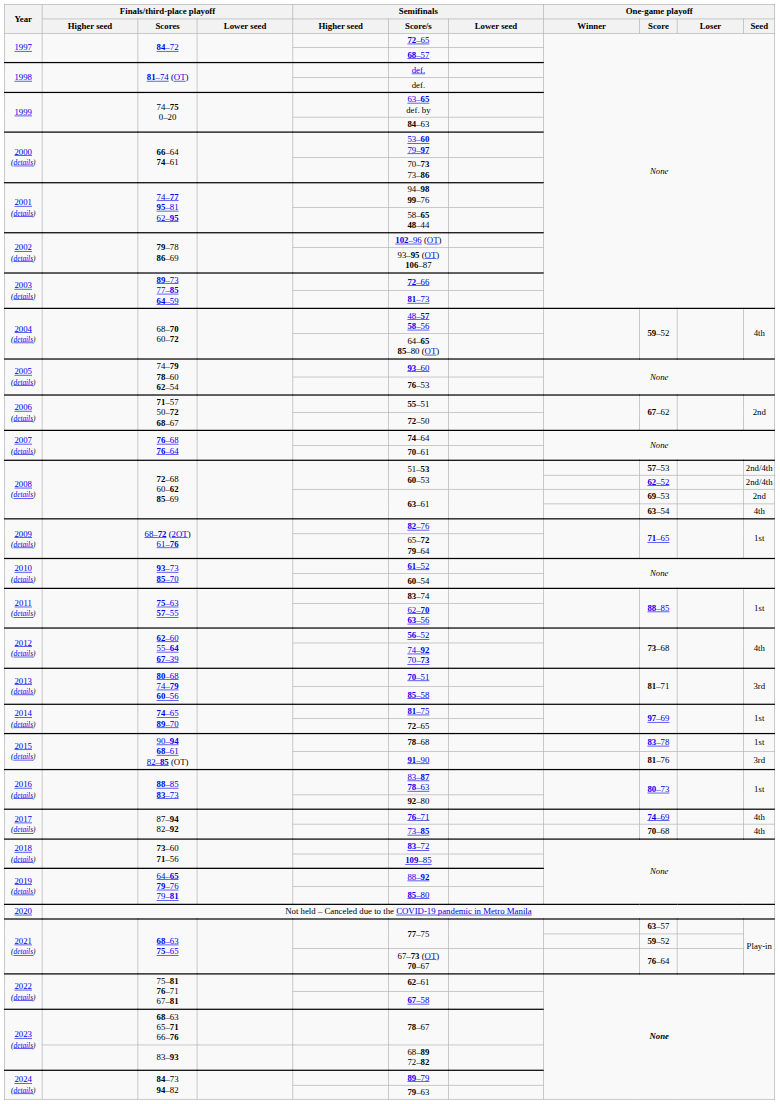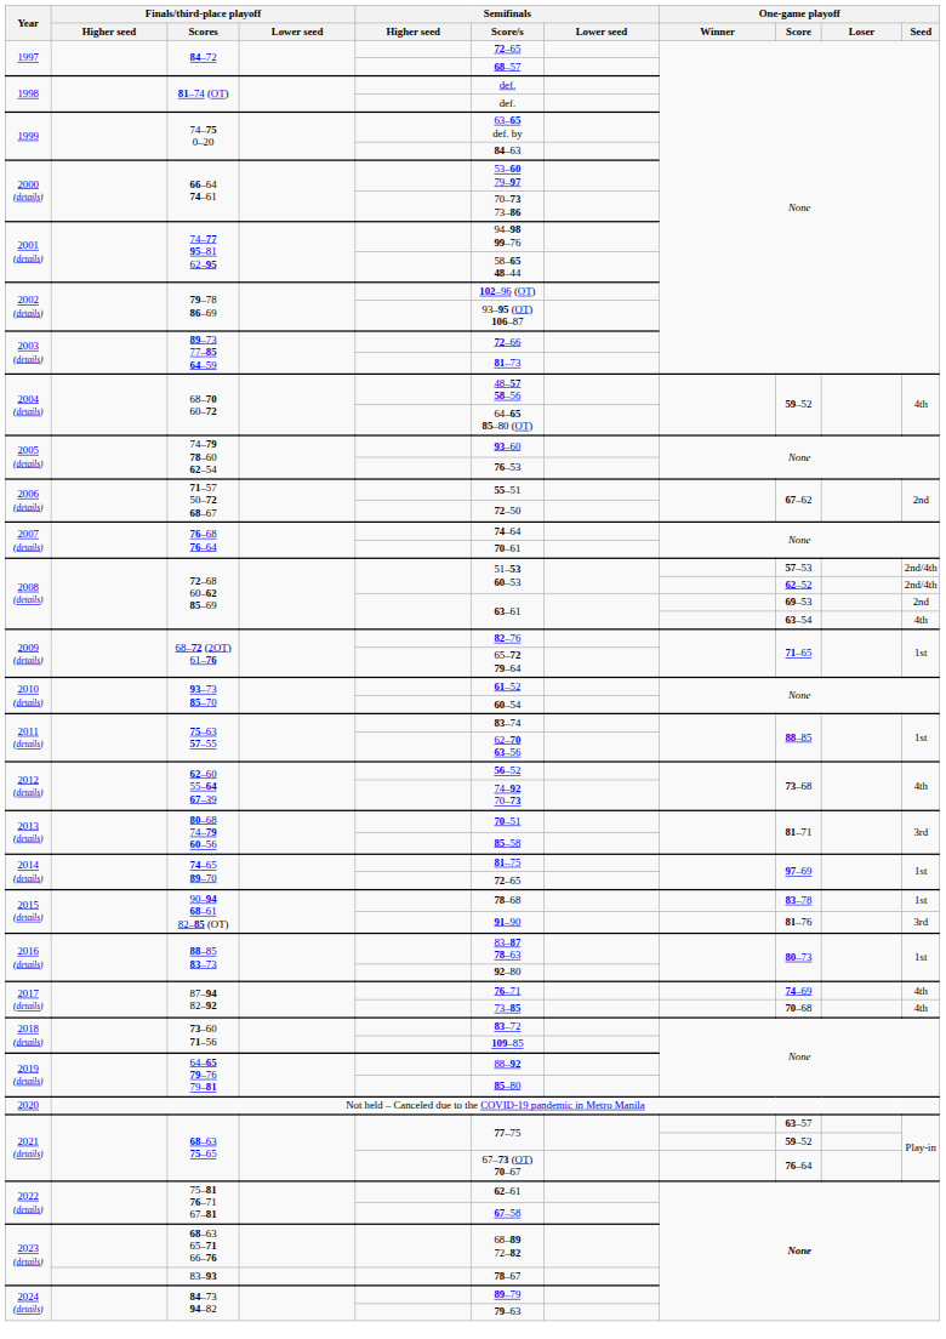 <table class=wikitable style="text-align:center; font-size:90%;" width=100%>
 <tr>
 <th width=5% rowspan=2>Year</th>
 <th colspan="3">Finals/third-place playoff</th>
 <th colspan="3">Semifinals</th>
 <th colspan="4">One-game playoff</th>
 </tr>
 <tr>
 <th width=13%>Higher seed</th>
 <th width=8%>Scores</th>
 <th width=13%>Lower seed</th>
 <th width=13%>Higher seed</th>
 <th width=8%>Score/s</th>
 <th width=13%>Lower seed</th>
 <th width=13%>Winner</th>
 <th width=5%>Score</th>
 <th width=13%>Loser</th>
 <th width=2%>Seed</th>
 </tr>
 <tr>
 <td rowspan="2"><a href='#'>1997</a></td>
 <td rowspan="2" align="right"><strong></strong></td>
 <td rowspan="2"><a href='#'><strong>84</strong>–72</a></td>
 <td rowspan="2" align="left"></td>
 <td align="right"><strong></strong></td>
 <td><a href='#'><strong>72</strong>–65</a></td>
 <td align="left"></td>
 <td colspan="4" rowspan="14"><em>None</em></td>
 </tr>
 <tr>
 <td align="right"><strong></strong></td>
 <td><a href='#'><strong>68</strong>–57</a></td>
 <td align="left"></td>
 </tr>
 <tr style = "border-top:2px solid black;">
 <td rowspan="2"><a href='#'>1998</a></td>
 <td rowspan="2" align="right"><strong></strong></td>
 <td rowspan="2"><a href='#'><strong>81</strong>–74</a> (<a href='#'>OT</a>)</td>
 <td rowspan="2" align="left"></td>
 <td align="right"><strong></strong></td>
 <td><a href='#'>def.</a></td>
 <td align="left"></td>
 </tr>
 <tr>
 <td align=right><strong></strong></td>
 <td>def.</td>
 <td align=left></td>
 </tr>
 <tr style = "border-top:2px solid black;">
 <td rowspan=2><a href='#'>1999</a></td>
 <td rowspan=2 align=right></td>
 <td rowspan=2>74–<strong>75</strong><br>0–20</td>
 <td align=left rowspan=2><strong></strong></td>
 <td align=right></td>
 <td><a href='#'>63–<strong>65</strong></a><br>def. by</td>
 <td align=left><strong></strong></td>
 </tr>
 <tr>
 <td align=right><strong></strong></td>
 <td><strong>84</strong>–63</td>
 <td align=left></td>
 </tr>
 <tr style = "border-top:2px solid black;">
 <td rowspan=2><a href='#'>2000</a><br><small><em>(<a href='#'>details</a>)</em></small></td>
 <td rowspan=2 align=right><strong></strong></td>
 <td rowspan=2><strong>66</strong>–64<br><strong>74</strong>–61</td>
 <td align=left rowspan=2></td>
 <td align=right></td>
 <td><a href='#'>53–<strong>60</strong></a><br><a href='#'>79–<strong>97</strong></a></td>
 <td align=left><strong></strong></td>
 </tr>
 <tr>
 <td align=right></td>
 <td>70–<strong>73</strong><br>73–<strong>86</strong></td>
 <td align=left><strong></strong></td>
 </tr>
 <tr style = "border-top:2px solid black;">
 <td rowspan=2><a href='#'>2001</a><br><small><em>(<a href='#'>details</a>)</em></small></td>
 <td rowspan=2 align=right></td>
 <td rowspan=2><a href='#'>74–<strong>77</strong><br><strong>95</strong>–81<br>62–<strong>95 </strong></a></td>
 <td align=left rowspan=2><strong></strong></td>
 <td align=right><strong></strong></td>
 <td>94–<strong>98</strong><br><strong>99</strong>–76</td>
 <td align=left></td>
 </tr>
 <tr>
 <td align=right><strong></strong></td>
 <td>58–<strong>65</strong><br><strong>48</strong>–44</td>
 <td align=left></td>
 </tr>
 <tr style = "border-top:2px solid black;">
 <td rowspan=2><a href='#'>2002</a><br><small><em>(<a href='#'>details</a>)</em></small></td>
 <td rowspan=2 align=right><strong></strong></td>
 <td rowspan=2><strong>79</strong>–78<br><strong>86</strong>–69</td>
 <td align=left rowspan=2></td>
 <td align=right><strong></strong></td>
 <td><a href='#'><strong>102</strong>–96</a> (<a href='#'>OT</a>)</td>
 <td align=left></td>
 </tr>
 <tr>
 <td align=right><strong></strong></td>
 <td>93–<strong>95</strong> (<a href='#'>OT</a>)<br><strong>106</strong>–87</td>
 <td align=left></td>
 </tr>
 <tr style = "border-top:2px solid black;">
 <td rowspan=2><a href='#'>2003</a><br><small><em>(<a href='#'>details</a>)</em></small></td>
 <td rowspan=2 align=right><strong></strong></td>
 <td rowspan=2><a href='#'><strong>89</strong>–73<br>77–<strong>85</strong><br><strong>64</strong>–59</a></td>
 <td align=left rowspan=2></td>
 <td align=right><strong></strong></td>
 <td><a href='#'><strong>72</strong>–66</a></td>
 <td align=left></td>
 </tr>
 <tr>
 <td align=right><strong></strong></td>
 <td><a href='#'><strong>81</strong>–73</a></td>
 <td align=left></td>
 </tr>
 <tr style = "border-top:2px solid black;">
 <td rowspan=2><a href='#'>2004</a><br><small><em>(<a href='#'>details</a>)</em></small></td>
 <td rowspan=2 align=right></td>
 <td rowspan=2>68–<strong>70</strong><br>60–<strong>72</strong></td>
 <td align=left rowspan=2><strong></strong></td>
 <td align=right><strong></strong></td>
 <td><a href='#'>48–<strong>57</strong><br><strong>58</strong>–56</a></td>
 <td align=left></td>
 <td rowspan=2 align=right><strong></strong></td>
 <td rowspan=2><strong>59</strong>–52</td>
 <td rowspan=2 align=left></td>
 <td rowspan=2>4th</td>
 </tr>
 <tr>
 <td align=right><strong></strong></td>
 <td>64–<strong>65</strong><br><strong>85</strong>–80 (<a href='#'>OT</a>)</td>
 <td align=left></td>
 </tr>
 <tr style = "border-top:2px solid black;">
 <td rowspan=2><a href='#'>2005</a><br><small><em>(<a href='#'>details</a>)</em></small></td>
 <td rowspan=2 align=right><strong></strong></td>
 <td rowspan=2>74–<strong>79</strong><br><strong>78</strong>–60<br><strong>62</strong>–54</td>
 <td align=left rowspan=2></td>
 <td align=right><strong></strong></td>
 <td><a href='#'><strong>93</strong>–60</a></td>
 <td align=left></td>
 <td rowspan=2 colspan=4><em>None</em></td>
 </tr>
 <tr>
 <td align=right><strong></strong></td>
 <td><strong>76</strong>–53</td>
 <td align=left></td>
 </tr>
 <tr style = "border-top:2px solid black;">
 <td rowspan=2><a href='#'>2006</a><br><small><em>(<a href='#'>details</a>)</em></small></td>
 <td rowspan=2 align=right><strong></strong></td>
 <td rowspan=2><strong>71</strong>–57<br>50–<strong>72</strong><br><strong>68</strong>–67</td>
 <td align=left rowspan=2></td>
 <td align=right><strong></strong></td>
 <td><strong>55</strong>–51</td>
 <td align=left></td>
 <td rowspan=2 align=right><strong></strong></td>
 <td rowspan=2><strong>67</strong>–62</td>
 <td rowspan=2 align=left></td>
 <td rowspan=2>2nd</td>
 </tr>
 <tr>
 <td align=right><strong></strong></td>
 <td><strong>72</strong>–50</td>
 <td align=left></td>
 </tr>
 <tr style = "border-top:2px solid black;">
 <td rowspan=2><a href='#'>2007</a><br><small><em>(<a href='#'>details</a>)</em></small></td>
 <td rowspan=2 align=right><strong></strong></td>
 <td rowspan=2><a href='#'><strong>76</strong>–68<br><strong>76</strong>–64</a></td>
 <td align=left rowspan=2></td>
 <td align=right><strong></strong></td>
 <td><strong>74</strong>–64</td>
 <td align=left></td>
 <td rowspan=2 colspan=4><em>None</em></td>
 </tr>
 <tr>
 <td align=right><strong></strong></td>
 <td><strong>70</strong>–61</td>
 <td align=left></td>
 </tr>
 <tr style = "border-top:2px solid black;">
 <td rowspan=4><a href='#'>2008</a><br><small><em>(<a href='#'>details</a>)</em></small></td>
 <td rowspan=4 align=right><strong></strong></td>
 <td rowspan=4 align=center><strong>72</strong>–68<br>60–<strong>62</strong><br><strong>85</strong>–69</td>
 <td rowspan=4 align=left></td>
 <td rowspan=2 align=right><strong></strong></td>
 <td rowspan=2 align=center>51–<strong>53</strong><br><strong>60</strong>–53</td>
 <td rowspan=2 align=left></td>
 <td align=right><strong></strong></td>
 <td align=center><strong>57</strong>–53</td>
 <td align=left></td>
 <td>2nd/4th</td>
 </tr>
 <tr>
 <td align=right><strong></strong></td>
 <td align=center><a href='#'><strong>62</strong>–52</a></td>
 <td align=left></td>
 <td>2nd/4th</td>
 </tr>
 <tr>
 <td rowspan=2 align=right><strong></strong></td>
 <td rowspan=2 align=center><strong>63</strong>–61</td>
 <td rowspan=2 align=left></td>
 <td align=right><strong></strong></td>
 <td><strong>69</strong>–53</td>
 <td align=left></td>
 <td>2nd</td>
 </tr>
 <tr>
 <td align=right><strong></strong></td>
 <td><strong>63</strong>–54</td>
 <td align=left></td>
 <td>4th</td>
 </tr>
 <tr style = "border-top:2px solid black;">
 <td rowspan=2><a href='#'>2009</a><br><small><em>(<a href='#'>details</a>)</em></small></td>
 <td rowspan=2 align=right></td>
 <td rowspan=2><a href='#'>68–<strong>72</strong></a> (<a href='#'>2OT</a>)<br><a href='#'>61–<strong>76</strong></a></td>
 <td align=left rowspan=2><strong></strong></td>
 <td align=right><strong></strong></td>
 <td><a href='#'><strong>82</strong>–76</a></td>
 <td align=left></td>
 <td rowspan=2 align=right><strong></strong></td>
 <td rowspan=2><a href='#'><strong>71</strong>–65</a></td>
 <td rowspan=2 align=left></td>
 <td rowspan=2>1st</td>
 </tr>
 <tr>
 <td align=right><strong></strong></td>
 <td>65–<strong>72</strong><br><strong>79</strong>–64</td>
 <td align=left></td>
 </tr>
 <tr style = "border-top:2px solid black;">
 <td rowspan=2><a href='#'>2010</a><br><small><em>(<a href='#'>details</a>)</em></small></td>
 <td rowspan=2 align=right><strong></strong></td>
 <td rowspan=2><a href='#'><strong>93</strong>–73<br><strong>85</strong>–70</a></td>
 <td align=left rowspan=2></td>
 <td align=right><strong></strong></td>
 <td><a href='#'><strong>61</strong>–52</a></td>
 <td align=left></td>
 <td rowspan=2 colspan=4><em>None</em></td>
 </tr>
 <tr>
 <td align=right><strong></strong></td>
 <td><strong>60</strong>–54</td>
 <td align=left></td>
 </tr>
 <tr style = "border-top:2px solid black;">
 <td rowspan=2><a href='#'>2011</a><br><small><em>(<a href='#'>details</a>)</em></small></td>
 <td rowspan=2 align=right><strong></strong></td>
 <td rowspan=2><a href='#'><strong>75</strong>–63<br><strong>57</strong>–55</a></td>
 <td align=left rowspan=2></td>
 <td align=right><strong></strong></td>
 <td><strong>83</strong>–74</td>
 <td align=left></td>
 <td rowspan=2 align=right><strong></strong></td>
 <td rowspan=2><a href='#'><strong>88</strong>–85</a></td>
 <td rowspan=2 align=left></td>
 <td rowspan=2>1st</td>
 </tr>
 <tr>
 <td align=right><strong></strong></td>
 <td><a href='#'>62–<strong>70</strong><br><strong>63</strong>–56</a></td>
 <td align=left></td>
 </tr>
 <tr style = "border-top:2px solid black;">
 <td rowspan=2><a href='#'>2012</a><br><small><em>(<a href='#'>details</a>)</em></small></td>
 <td rowspan=2 align=right><strong></strong></td>
 <td rowspan=2><a href='#'><strong>62</strong>–60<br>55–<strong>64</strong><br><strong>67</strong>–39</a></td>
 <td align=left rowspan=2></td>
 <td align=right><strong></strong></td>
 <td><a href='#'><strong>56</strong>–52</a></td>
 <td align=left></td>
 <td rowspan=2 align=right><strong></strong></td>
 <td rowspan=2><strong>73</strong>–68</td>
 <td rowspan=2 align=left></td>
 <td rowspan=2>4th</td>
 </tr>
 <tr>
 <td align=right></td>
 <td><a href='#'>74–<strong>92</strong><br>70–<strong>73</strong></a></td>
 <td align=left><strong></strong></td>
 </tr>
 <tr style = "border-top:2px solid black;">
 <td rowspan=2><a href='#'>2013</a><br><small><em>(<a href='#'>details</a>)</em></small></td>
 <td rowspan=2 align=right><strong></strong></td>
 <td rowspan=2><a href='#'><strong>80</strong>–68<br>74–<strong>79</strong><br><strong>60</strong>–56</a></td>
 <td align=left rowspan=2></td>
 <td align=right><strong></strong></td>
 <td><a href='#'><strong>70</strong>–51</a></td>
 <td align=left></td>
 <td rowspan=2 align=right><strong></strong></td>
 <td rowspan=2><strong>81</strong>–71</td>
 <td rowspan=2 align=left></td>
 <td rowspan=2>3rd</td>
 </tr>
 <tr>
 <td align=right><strong></strong></td>
 <td><a href='#'><strong>85</strong>–58</a></td>
 <td align=left></td>
 </tr>
 <tr style = "border-top:2px solid black;">
 <td rowspan=2><a href='#'>2014</a><br><small><em>(<a href='#'>details</a>)</em></small></td>
 <td rowspan=2 align=right><strong></strong></td>
 <td rowspan=2><a href='#'><strong>74</strong>–65<br><strong>89</strong>–70</a></td>
 <td align=left rowspan=2></td>
 <td align=right><strong></strong></td>
 <td><a href='#'><strong>81</strong>–75</a></td>
 <td align=left></td>
 <td rowspan=2 align=right><strong></strong></td>
 <td rowspan=2><a href='#'><strong>97</strong>–69</a></td>
 <td rowspan=2 align=left></td>
 <td rowspan=2>1st</td>
 </tr>
 <tr>
 <td align=right><strong></strong></td>
 <td><strong>72</strong>–65</td>
 <td align=left></td>
 </tr>
 <tr style = "border-top:2px solid black;">
 <td rowspan=2><a href='#'>2015</a><br><small><em>(<a href='#'>details</a>)</em></small></td>
 <td rowspan=2 align=right></td>
 <td rowspan=2><a href='#'>90–<strong>94</strong><br><strong>68</strong>–61<br>82–<strong>85</strong></a> (OT)</td>
 <td align=left rowspan=2><strong></strong></td>
 <td align=right><strong></strong></td>
 <td><strong>78</strong>–68</td>
 <td align=left></td>
 <td align=right><strong></strong></td>
 <td><a href='#'><strong>83</strong>–78</a></td>
 <td align=left></td>
 <td>1st</td>
 </tr>
 <tr>
 <td align=right><strong></strong></td>
 <td><a href='#'><strong>91</strong>–90</a></td>
 <td align=left></td>
 <td align=right><strong></strong></td>
 <td><strong>81</strong>–76</td>
 <td align=left></td>
 <td>3rd</td>
 </tr>
 <tr style = "border-top:2px solid black;">
 <td rowspan=2><a href='#'>2016</a><br><small><em>(<a href='#'>details</a>)</em></small></td>
 <td rowspan=2 align=right><strong></strong></td>
 <td rowspan=2><a href='#'><strong>88</strong>–85<br><strong>83</strong>–73</a></td>
 <td align=left rowspan=2></td>
 <td align=right><strong></strong></td>
 <td><a href='#'>83–<strong>87</strong><br><strong>78</strong>–63</a></td>
 <td align=left></td>
 <td rowspan=2 align=right><strong></strong></td>
 <td rowspan=2><a href='#'><strong>80</strong>–73</a></td>
 <td rowspan=2 align=left></td>
 <td rowspan=2>1st</td>
 </tr>
 <tr>
 <td align=right><strong></strong></td>
 <td><strong>92</strong>–80</td>
 <td align=left></td>
 </tr>
 <tr style = "border-top:2px solid black;">
 <td rowspan=2><a href='#'>2017</a><br><small><em>(<a href='#'>details</a>)</em></small></td>
 <td rowspan=2 align=right></td>
 <td rowspan=2>87–<strong>94</strong><br>82–<strong>92</strong></td>
 <td align=left rowspan=2><strong></strong></td>
 <td align=right><strong></strong></td>
 <td><a href='#'><strong>76</strong>–71</a></td>
 <td align=left></td>
 <td align=right><strong></strong></td>
 <td><a href='#'><strong>74</strong>–69</a></td>
 <td align=left></td>
 <td>4th</td>
 </tr>
 <tr>
 <td align=right></td>
 <td><a href='#'>73–<strong>85</strong></a></td>
 <td align=left><strong></strong></td>
 <td align=right><strong></strong></td>
 <td><strong>70</strong>–68</td>
 <td align=left></td>
 <td>4th</td>
 </tr>
 <tr style = "border-top:2px solid black;">
 <td rowspan=2><a href='#'>2018</a><br><small><em>(<a href='#'>details</a>)</em></small></td>
 <td rowspan=2 align=right><strong></strong></td>
 <td rowspan=2><strong>73</strong>–60<br><strong>71</strong>–56</td>
 <td align=left rowspan=2></td>
 <td align=right><strong></strong></td>
 <td><a href='#'><strong>83</strong>–72</a></td>
 <td align=left></td>
 <td rowspan=5 colspan=4><em>None</em></td>
 </tr>
 <tr>
 <td align=right><strong></strong></td>
 <td><a href='#'><strong>109</strong>–85</a></td>
 <td align=left></td>
 </tr>
 <tr>
 </tr>
 <tr style = "border-top:2px solid black;">
 <td rowspan=2><a href='#'>2019</a><br><small><em>(<a href='#'>details</a>)</em></small></td>
 <td rowspan=2 align=right></td>
 <td rowspan=2><a href='#'>64–<strong>65</strong><br><strong>79</strong>–76<br>79–<strong>81</strong></a></td>
 <td align=left rowspan=2><strong></strong></td>
 <td align=right></td>
 <td><a href='#'>88–<strong>92</strong></a></td>
 <td align=left><strong></strong></td>
 </tr>
 <tr>
 <td align=right><strong></strong></td>
 <td><a href='#'><strong>85</strong>–80</a></td>
 <td align=left></td>
 </tr>
 <tr style = "border-top:2px solid black;">
 <td><a href='#'>2020</a></td>
 <td colspan="10">Not held – Canceled due to the <a href='#'>COVID-19 pandemic in Metro Manila</a></td>
 </tr>
 <tr style = "border-top:2px solid black;">
 <td rowspan=3><a href='#'>2021</a><br><small><em>(<a href='#'>details</a>)</em></small></td>
 <td rowspan=3 align=right><strong></strong></td>
 <td rowspan=3><a href='#'><strong>68</strong>–63<br><strong>75</strong>–65</a></td>
 <td align=left rowspan=3></td>
 <td rowspan=2 align=right><strong></strong></td>
 <td rowspan=2><strong>77</strong>–75</td>
 <td rowspan=2 align=left></td>
 <td align=right><strong></strong></td>
 <td><strong>63</strong>–57</td>
 <td align=left></td>
 <td rowspan="3">Play-in</td>
 </tr>
 <tr>
 <td align=right><strong></strong></td>
 <td><strong>59</strong>–52</td>
 <td align=left></td>
 </tr>
 <tr>
 <td align=right><strong></strong></td>
 <td>67–<strong>73</strong> (<a href='#'>OT</a>)<br><strong>70</strong>–67</td>
 <td align="left"></td>
 <td align=right><strong></strong></td>
 <td><strong>76</strong>–64</td>
 <td align=left></td>
 </tr>
 <tr style = "border-top:2px solid black;">
 <td rowspan="2"><a href='#'>2022</a> <small><em>(<a href='#'>details</a>)</em></small></td>
 <td rowspan="2" align="right"></td>
 <td rowspan="2">75–<strong>81</strong><br><strong>76</strong>–71<br>67–<strong>81</strong></td>
 <td rowspan="2" align="left"><br><strong></strong></td>
 <td align="right"><strong></strong></td>
 <td><strong>62</strong>–61</td>
 <td align="left"></td>
 <td colspan="4" rowspan="6"><strong><em>None</em></strong></td>
 </tr>
 <tr>
 <td align=right><strong></strong></td>
 <td><a href='#'><strong>67</strong>–58</a></td>
 <td align=left></td>
 </tr>
 <tr style = "border-top:2px solid black;">
 <td rowspan=2><a href='#'>2023</a> <small><em>(<a href='#'>details</a>)</em></small></td>
 <td align=right></td>
 <td><strong>68</strong>–63<br>65–<strong>71</strong><br>66–<strong>76</strong></td>
 <td align="left"><strong></strong></td>
 <td align=right><strong></strong></td>
-<td><strong>78</strong>–67</td>
+<td>68–<strong>89</strong><br>72–<strong>82</strong></td>
 <td align=left></td>
 </tr>
 <tr>
 <td align=right></td>
 <td>83–<strong>93</strong></td>
 <td align=left><strong></strong></td>
 <td align=right></td>
-<td>68–<strong>89</strong><br>72–<strong>82</strong></td>
+<td><strong>78</strong>–67</td>
 <td align=left><strong></strong></td>
 </tr>
 <tr style="border-top:2px solid black;">
 <td rowspan="2"><a href='#'>2024</a> <small><em>(<a href='#'>details</a>)</em></small></td>
 <td rowspan="2" align=right><strong></strong></td>
 <td rowspan="2"><strong>84</strong>–73<br><strong>94</strong>–82</td>
 <td rowspan="2" align="left"></td>
 <td align="right"><strong></strong></td>
 <td><a href='#'><strong>89</strong>–79</a></td>
 <td align=left></td>
 </tr>
 <tr>
 <td align="right"><strong></strong></td>
 <td><strong>79</strong>–63</td>
 <td align=left></td>
 </tr>
 </table>
